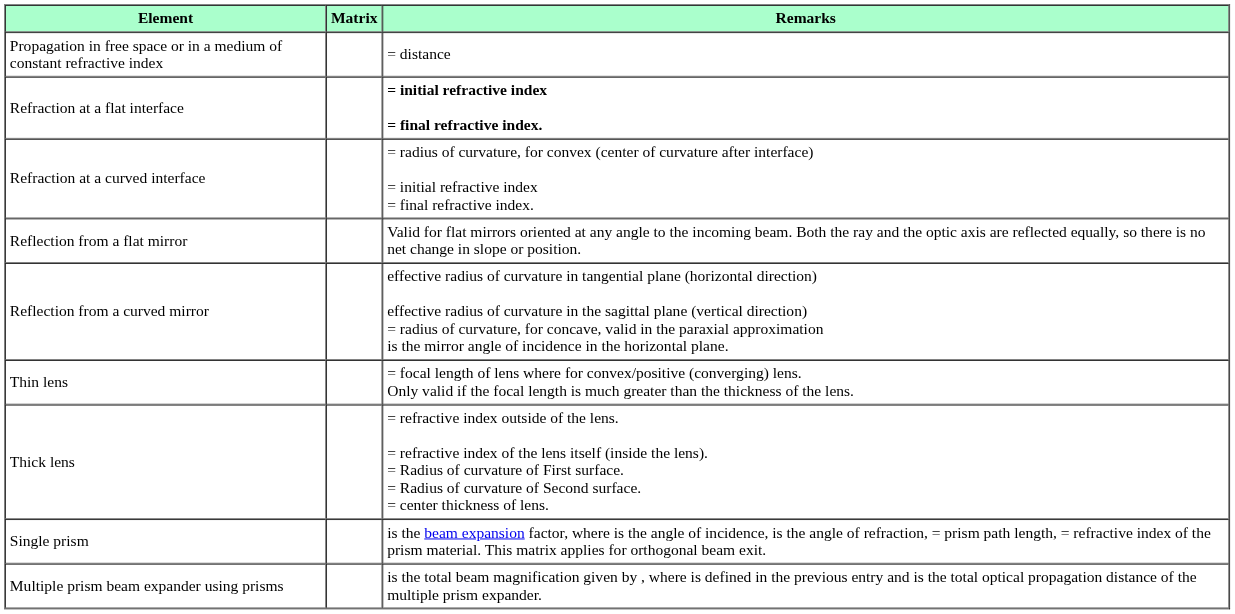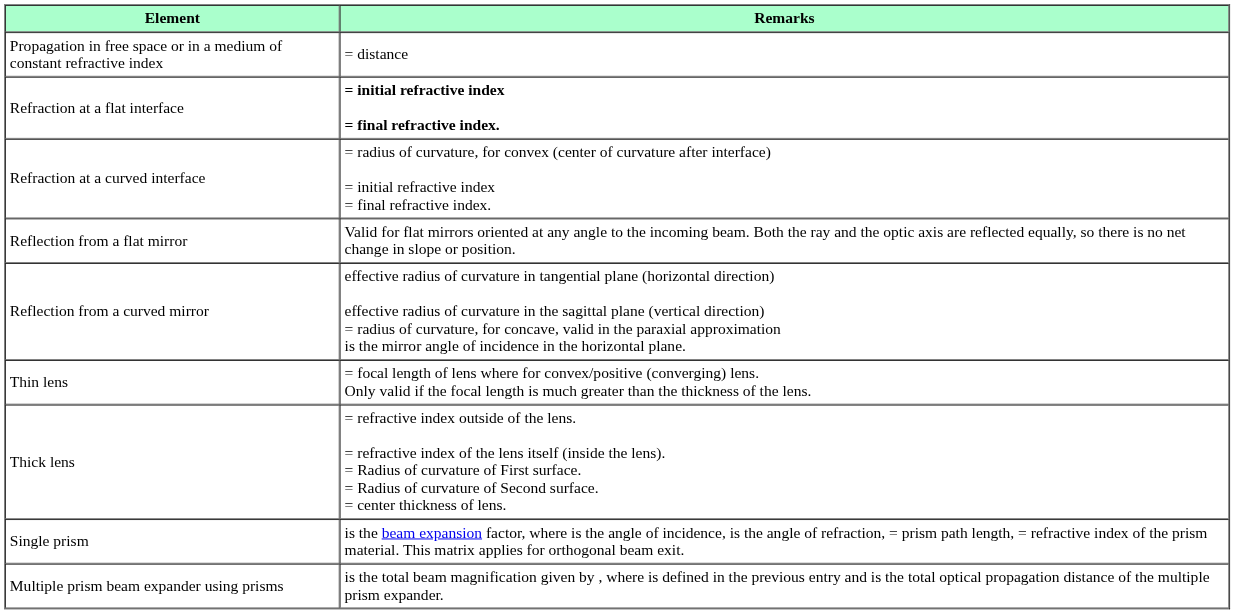 <table border="1" cellspacing="0" cellpadding="4">
 <tr style="background-color: #AAFFCC">
 <th>Element</th>
-<th>Matrix</th>
 <th>Remarks</th>
 </tr>
 <tr>
 <td>Propagation in free space or in a medium of constant refractive index</td>
-<td align="center"></td>
 <td> = distance<br></td>
 </tr>
 <tr>
 <td>Refraction at a flat interface</td>
-<td align="center"></td>
 <td><strong> = initial refractive index<br><br> = final refractive index.</strong></td>
 </tr>
 <tr>
 <td>Refraction at a curved interface</td>
-<td align="center"></td>
 <td> = radius of curvature,  for convex (center of curvature after interface)<br><br> = initial refractive index<br> = final refractive index.</td>
 </tr>
 <tr>
 <td>Reflection from a flat mirror</td>
-<td align="center"></td>
 <td>Valid for flat mirrors oriented at any angle to the incoming beam. Both the ray and the optic axis are reflected equally, so there is no net change in slope or position.</td>
 </tr>
 <tr>
 <td>Reflection from a curved mirror</td>
-<td align="center"></td>
 <td> effective radius of curvature in tangential plane  (horizontal direction) <br><br> effective radius of curvature in the sagittal plane (vertical direction)<br>  = radius of curvature,  for concave, valid in the paraxial approximation<br>  is the mirror angle of incidence in the horizontal plane.</td>
 </tr>
 <tr>
 <td>Thin lens</td>
-<td align="center"></td>
 <td> = focal length of lens where  for convex/positive (converging) lens.<br>Only valid if the focal length is much greater than the thickness of the lens.</td>
 </tr>
 <tr>
 <td>Thick lens</td>
-<td align="center"></td>
 <td> = refractive index outside of the lens. <br><br> = refractive index of the lens itself (inside the lens). <br>  = Radius of curvature of First surface. <br>  = Radius of curvature of Second surface.<br>  = center thickness of lens.</td>
 </tr>
 <tr>
 <td>Single prism</td>
-<td align="center"></td>
 <td> is the <a href='#'>beam expansion</a> factor, where  is the angle of incidence,  is the angle of refraction,  = prism path length,  = refractive index of the prism material.  This matrix applies for orthogonal beam exit.</td>
 </tr>
 <tr>
 <td>Multiple prism beam expander using  prisms</td>
-<td align="center"></td>
 <td> is the total beam magnification given by , where  is defined in the previous entry and  is the total  optical propagation distance of the multiple prism expander.</td>
 </tr>
 </table>
